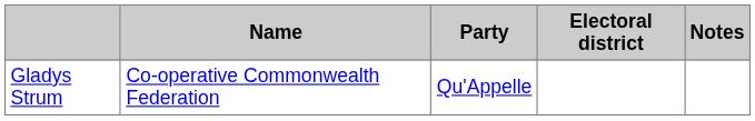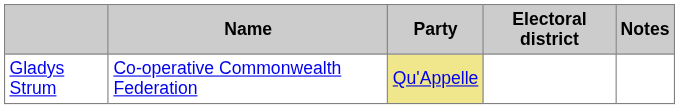 <table border="1" cellpadding="4" width="610" cellspacing="0" style="border-collapse: collapse" width="100%" class="sortable">
 <tr bgcolor="CCCCCC">
 <th></th>
 <th>Name</th>
 <th>Party</th>
 <th>Electoral district</th>
 <th>Notes</th>
 </tr>
 <tr>
 <td><a href='#'>Gladys Strum</a></td>
 <td><a href='#'>Co-operative Commonwealth Federation</a></td>
-<td><a href='#'>Qu'Appelle</a></td>
+<td style="background: khaki;"><a href='#'>Qu'Appelle</a></td>
 <td> </td>
 </tr>
 </table>
